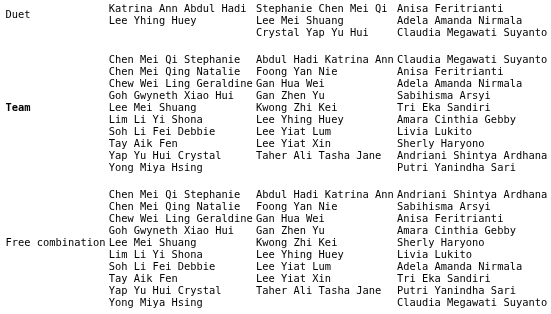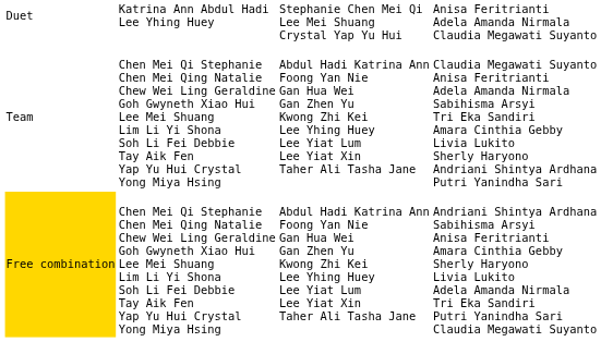 <table>
 <tr>
 <td>Duet</td>
 <td valign="top"><br>Katrina Ann Abdul Hadi<br>Lee Yhing Huey</td>
 <td><br>Stephanie Chen Mei Qi<br>Lee Mei Shuang<br>Crystal Yap Yu Hui</td>
 <td><br>Anisa Feritrianti<br>Adela Amanda Nirmala<br>Claudia Megawati Suyanto</td>
 </tr>
 <tr>
-<td><strong>Team</strong></td>
+<td>Team</td>
 <td><br>Chen Mei Qi Stephanie<br>Chen Mei Qing Natalie<br>Chew Wei Ling Geraldine<br>Goh Gwyneth Xiao Hui<br>Lee Mei Shuang<br>Lim Li Yi Shona<br>Soh Li Fei Debbie<br>Tay Aik Fen<br>Yap Yu Hui Crystal<br>Yong Miya Hsing</td>
 <td valign="top"><br>Abdul Hadi Katrina Ann<br>Foong Yan Nie<br>Gan Hua Wei<br>Gan Zhen Yu<br>Kwong Zhi Kei<br>Lee Yhing Huey<br>Lee Yiat Lum<br>Lee Yiat Xin<br>Taher Ali Tasha Jane</td>
 <td><br>Claudia Megawati Suyanto<br>Anisa Feritrianti<br>Adela Amanda Nirmala<br>Sabihisma Arsyi<br>Tri Eka Sandiri<br>Amara Cinthia Gebby<br>Livia Lukito<br>Sherly Haryono<br>Andriani Shintya Ardhana<br>Putri Yanindha Sari</td>
 </tr>
 <tr>
-<td>Free combination</td>
+<td style="background: gold;">Free combination</td>
 <td><br>Chen Mei Qi Stephanie<br>Chen Mei Qing Natalie<br>Chew Wei Ling Geraldine<br>Goh Gwyneth Xiao Hui<br>Lee Mei Shuang<br>Lim Li Yi Shona<br>Soh Li Fei Debbie<br>Tay Aik Fen<br>Yap Yu Hui Crystal<br>Yong Miya Hsing</td>
 <td valign="top"><br>Abdul Hadi Katrina Ann<br>Foong Yan Nie<br>Gan Hua Wei<br>Gan Zhen Yu<br>Kwong Zhi Kei<br>Lee Yhing Huey<br>Lee Yiat Lum<br>Lee Yiat Xin<br>Taher Ali Tasha Jane</td>
 <td><br>Andriani Shintya Ardhana<br>Sabihisma Arsyi<br>Anisa Feritrianti<br>Amara Cinthia Gebby<br>Sherly Haryono<br>Livia Lukito<br>Adela Amanda Nirmala<br>Tri Eka Sandiri<br>Putri Yanindha Sari<br>Claudia Megawati Suyanto</td>
 </tr>
 </table>
